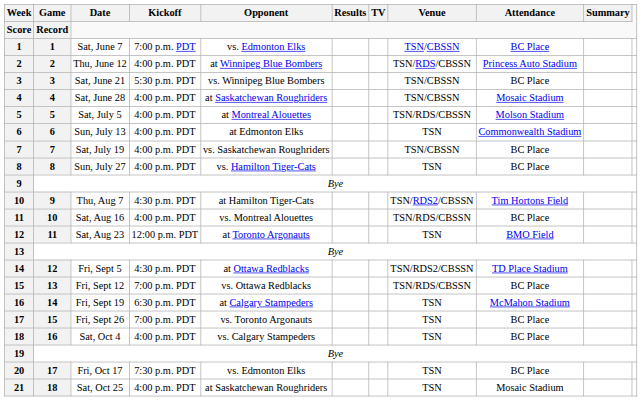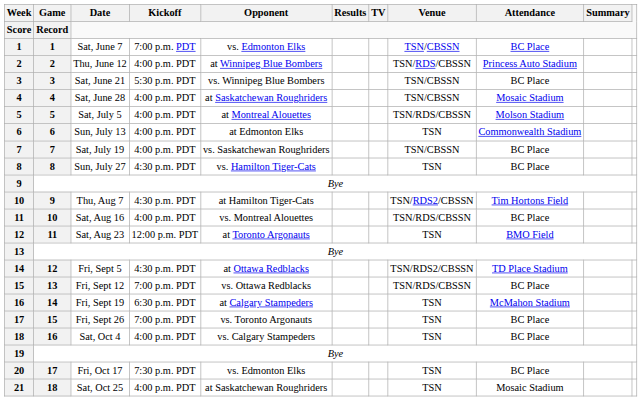 <table class="wikitable" style="font-size: 95%;">
 <tr>
 <th scope="col">Week</th>
 <th scope="col">Game</th>
 <th scope="col">Date</th>
 <th scope="col">Kickoff</th>
 <th scope="col">Opponent</th>
 <th scope="col">Results</th>
 <th scope="col">TV</th>
 <th scope="col">Venue</th>
 <th scope="col">Attendance</th>
 <th scope="col">Summary</th>
 </tr>
 <tr>
 <th scope="col">Score</th>
 <th scope="col">Record</th>
 </tr>
 <tr align="center" bgcolor="ffffff">
 <th align="center"><strong>1</strong></th>
 <th align="center"><strong>1</strong></th>
 <td align="center">Sat, June 7</td>
 <td align="center">7:00 p.m. <a href='#'>PDT</a></td>
 <td align="center">vs. <a href='#'>Edmonton Elks</a></td>
 <td align="center"></td>
 <td align="center"></td>
 <td align="center"><a href='#'>TSN</a>/<a href='#'>CBSSN</a></td>
 <td align="center"><a href='#'>BC Place</a></td>
 <td align="center"></td>
 <td align="center"></td>
 </tr>
 <tr align="center" bgcolor="ffffff">
 <th align="center"><strong>2</strong></th>
 <th align="center"><strong>2</strong></th>
 <td align="center">Thu, June 12</td>
 <td align="center">4:00 p.m. PDT</td>
 <td align="center">at <a href='#'>Winnipeg Blue Bombers</a></td>
 <td align="center"></td>
 <td align="center"></td>
 <td align="center">TSN/<a href='#'>RDS</a>/CBSSN</td>
 <td align="center"><a href='#'>Princess Auto Stadium</a></td>
 <td align="center"></td>
 <td align="center"></td>
 </tr>
 <tr align="center" bgcolor="ffffff">
 <th align="center"><strong>3</strong></th>
 <th align="center"><strong>3</strong></th>
 <td align="center">Sat, June 21</td>
 <td align="center">5:30 p.m. PDT</td>
 <td align="center">vs. Winnipeg Blue Bombers</td>
 <td align="center"></td>
 <td align="center"></td>
 <td align="center">TSN/CBSSN</td>
 <td align="center">BC Place</td>
 <td align="center"></td>
 <td align="center"></td>
 </tr>
 <tr align="center" bgcolor="ffffff">
 <th align="center"><strong>4</strong></th>
 <th align="center"><strong>4</strong></th>
 <td align="center">Sat, June 28</td>
 <td align="center">4:00 p.m. PDT</td>
 <td align="center">at <a href='#'>Saskatchewan Roughriders</a></td>
 <td align="center"></td>
 <td align="center"></td>
 <td align="center">TSN/CBSSN</td>
 <td align="center"><a href='#'>Mosaic Stadium</a></td>
 <td align="center"></td>
 <td align="center"></td>
 </tr>
 <tr align="center" bgcolor="ffffff">
 <th align="center"><strong>5</strong></th>
 <th align="center"><strong>5</strong></th>
 <td align="center">Sat, July 5</td>
 <td align="center">4:00 p.m. PDT</td>
 <td align="center">at <a href='#'>Montreal Alouettes</a></td>
 <td align="center"></td>
 <td align="center"></td>
 <td align="center">TSN/RDS/CBSSN</td>
 <td align="center"><a href='#'>Molson Stadium</a></td>
 <td align="center"></td>
 <td align="center"></td>
 </tr>
 <tr align="center" bgcolor="ffffff">
 <th align="center"><strong>6</strong></th>
 <th align="center"><strong>6</strong></th>
 <td align="center">Sun, July 13</td>
 <td align="center">4:00 p.m. PDT</td>
 <td align="center">at Edmonton Elks</td>
 <td align="center"></td>
 <td align="center"></td>
 <td align="center">TSN</td>
 <td align="center"><a href='#'>Commonwealth Stadium</a></td>
 <td align="center"></td>
 <td align="center"></td>
 </tr>
 <tr align="center" bgcolor="ffffff">
 <th align="center"><strong>7</strong></th>
 <th align="center"><strong>7</strong></th>
 <td align="center">Sat, July 19</td>
 <td align="center">4:00 p.m. PDT</td>
 <td align="center">vs. Saskatchewan Roughriders</td>
 <td align="center"></td>
 <td align="center"></td>
 <td align="center">TSN/CBSSN</td>
 <td align="center">BC Place</td>
 <td align="center"></td>
 <td align="center"></td>
 </tr>
 <tr align="center" bgcolor="ffffff">
 <th align="center"><strong>8</strong></th>
 <th align="center"><strong>8</strong></th>
 <td align="center">Sun, July 27</td>
-<td align="center">4:00 p.m. PDT</td>
+<td align="center">4:30 p.m. PDT</td>
 <td align="center">vs. <a href='#'>Hamilton Tiger-Cats</a></td>
 <td align="center"></td>
 <td align="center"></td>
 <td align="center">TSN</td>
 <td align="center">BC Place</td>
 <td align="center"></td>
 <td align="center"></td>
 </tr>
 <tr align="center" bgcolor="ffffff">
 <th align="center"><strong>9</strong></th>
 <td colspan=10 align="center" valign="middle"><em>Bye</em></td>
 </tr>
 <tr align="center" bgcolor="ffffff">
 <th align="center"><strong>10</strong></th>
 <th align="center"><strong>9</strong></th>
 <td align="center">Thu, Aug 7</td>
 <td align="center">4:30 p.m. PDT</td>
 <td align="center">at Hamilton Tiger-Cats</td>
 <td align="center"></td>
 <td align="center"></td>
 <td align="center">TSN/<a href='#'>RDS2</a>/CBSSN</td>
 <td align="center"><a href='#'>Tim Hortons Field</a></td>
 <td align="center"></td>
 <td align="center"></td>
 </tr>
 <tr align="center" bgcolor="ffffff">
 <th align="center"><strong>11</strong></th>
 <th align="center"><strong>10</strong></th>
 <td align="center">Sat, Aug 16</td>
 <td align="center">4:00 p.m. PDT</td>
 <td align="center">vs. Montreal Alouettes</td>
 <td align="center"></td>
 <td align="center"></td>
 <td align="center">TSN/RDS/CBSSN</td>
 <td align="center">BC Place</td>
 <td align="center"></td>
 <td align="center"></td>
 </tr>
 <tr align="center" bgcolor="ffffff">
 <th align="center"><strong>12</strong></th>
 <th align="center"><strong>11</strong></th>
 <td align="center">Sat, Aug 23</td>
 <td align="center">12:00 p.m. PDT</td>
 <td align="center">at <a href='#'>Toronto Argonauts</a></td>
 <td align="center"></td>
 <td align="center"></td>
 <td align="center">TSN</td>
 <td align="center"><a href='#'>BMO Field</a></td>
 <td align="center"></td>
 <td align="center"></td>
 </tr>
 <tr align="center" bgcolor="ffffff">
 <th align="center"><strong>13</strong></th>
 <td colspan=10 align="center" valign="middle"><em>Bye</em></td>
 </tr>
 <tr align="center" bgcolor="ffffff">
 <th align="center"><strong>14</strong></th>
 <th align="center"><strong>12</strong></th>
 <td align="center">Fri, Sept 5</td>
 <td align="center">4:30 p.m. PDT</td>
 <td align="center">at <a href='#'>Ottawa Redblacks</a></td>
 <td align="center"></td>
 <td align="center"></td>
 <td align="center">TSN/RDS2/CBSSN</td>
 <td align="center"><a href='#'>TD Place Stadium</a></td>
 <td align="center"></td>
 <td align="center"></td>
 </tr>
 <tr align="center" bgcolor="ffffff">
 <th align="center"><strong>15</strong></th>
 <th align="center"><strong>13</strong></th>
 <td align="center">Fri, Sept 12</td>
 <td align="center">7:00 p.m. PDT</td>
 <td align="center">vs. Ottawa Redblacks</td>
 <td align="center"></td>
 <td align="center"></td>
 <td align="center">TSN/RDS/CBSSN</td>
 <td align="center">BC Place</td>
 <td align="center"></td>
 <td align="center"></td>
 </tr>
 <tr align="center" bgcolor="ffffff">
 <th align="center"><strong>16</strong></th>
 <th align="center"><strong>14</strong></th>
 <td align="center">Fri, Sept 19</td>
 <td align="center">6:30 p.m. PDT</td>
 <td align="center">at <a href='#'>Calgary Stampeders</a></td>
 <td align="center"></td>
 <td align="center"></td>
 <td align="center">TSN</td>
 <td align="center"><a href='#'>McMahon Stadium</a></td>
 <td align="center"></td>
 <td align="center"></td>
 </tr>
 <tr align="center" bgcolor="ffffff">
 <th align="center"><strong>17</strong></th>
 <th align="center"><strong>15</strong></th>
 <td align="center">Fri, Sept 26</td>
 <td align="center">7:00 p.m. PDT</td>
 <td align="center">vs. Toronto Argonauts</td>
 <td align="center"></td>
 <td align="center"></td>
 <td align="center">TSN</td>
 <td align="center">BC Place</td>
 <td align="center"></td>
 <td align="center"></td>
 </tr>
 <tr align="center" bgcolor="ffffff">
 <th align="center"><strong>18</strong></th>
 <th align="center"><strong>16</strong></th>
 <td align="center">Sat, Oct 4</td>
 <td align="center">4:00 p.m. PDT</td>
 <td align="center">vs. Calgary Stampeders</td>
 <td align="center"></td>
 <td align="center"></td>
 <td align="center">TSN</td>
 <td align="center">BC Place</td>
 <td align="center"></td>
 <td align="center"></td>
 </tr>
 <tr align="center" bgcolor="ffffff">
 <th align="center"><strong>19</strong></th>
 <td colspan=10 align="center" valign="middle"><em>Bye</em></td>
 </tr>
 <tr align="center" bgcolor="ffffff">
 <th align="center"><strong>20</strong></th>
 <th align="center"><strong>17</strong></th>
 <td align="center">Fri, Oct 17</td>
 <td align="center">7:30 p.m. PDT</td>
 <td align="center">vs. Edmonton Elks</td>
 <td align="center"></td>
 <td align="center"></td>
 <td align="center">TSN</td>
 <td align="center">BC Place</td>
 <td align="center"></td>
 <td align="center"></td>
 </tr>
 <tr align="center" bgcolor="ffffff">
 <th align="center"><strong>21</strong></th>
 <th align="center"><strong>18</strong></th>
 <td align="center">Sat, Oct 25</td>
 <td align="center">4:00 p.m. PDT</td>
 <td align="center">at Saskatchewan Roughriders</td>
 <td align="center"></td>
 <td align="center"></td>
 <td align="center">TSN</td>
 <td align="center">Mosaic Stadium</td>
 <td align="center"></td>
 <td align="center"></td>
 </tr>
 </table>
